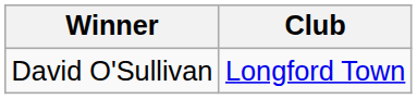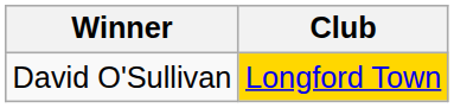 <table class="wikitable">
 <tr>
 <th>Winner</th>
 <th>Club</th>
 </tr>
 <tr>
 <td>David O'Sullivan</td>
-<td><a href='#'>Longford Town</a></td>
+<td style="background: gold;"><a href='#'>Longford Town</a></td>
 </tr>
 </table>
